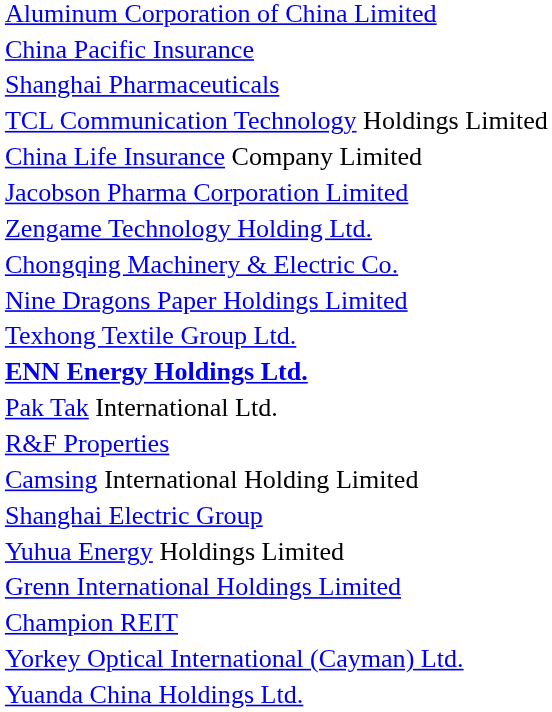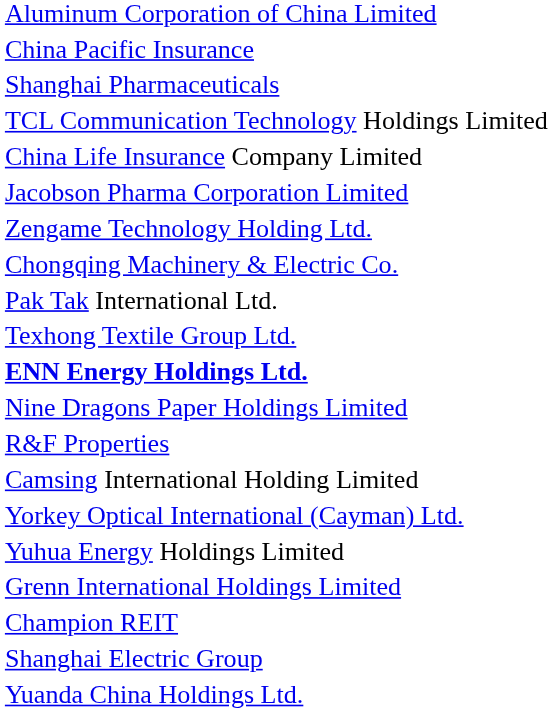 <table>
 <tr>
 <td> <a href='#'>Aluminum Corporation of China Limited</a></td>
 </tr>
 <tr>
 <td> <a href='#'>China Pacific Insurance</a></td>
 </tr>
 <tr>
 <td> <a href='#'>Shanghai Pharmaceuticals</a></td>
 </tr>
 <tr>
 <td> <a href='#'>TCL Communication Technology</a> Holdings Limited</td>
 </tr>
 <tr>
 <td> <a href='#'>China Life Insurance</a> Company Limited</td>
 </tr>
 <tr>
 <td> <a href='#'>Jacobson Pharma Corporation Limited</a></td>
 </tr>
 <tr>
 <td> <a href='#'>Zengame Technology Holding Ltd.</a></td>
 </tr>
 <tr>
 <td> <a href='#'>Chongqing Machinery & Electric Co.</a></td>
 </tr>
 <tr>
-<td> <a href='#'>Nine Dragons Paper Holdings Limited</a></td>
+<td> <a href='#'>Pak Tak</a> International Ltd.</td>
 </tr>
 <tr>
 <td> <a href='#'>Texhong Textile Group Ltd.</a></td>
 </tr>
 <tr>
 <td><strong> <a href='#'>ENN Energy Holdings Ltd.</a></strong></td>
 </tr>
 <tr>
-<td> <a href='#'>Pak Tak</a> International Ltd.</td>
+<td> <a href='#'>Nine Dragons Paper Holdings Limited</a></td>
 </tr>
 <tr>
 <td> <a href='#'>R&F Properties</a></td>
 </tr>
 <tr>
 <td> <a href='#'>Camsing</a> International Holding Limited</td>
 </tr>
 <tr>
-<td> <a href='#'>Shanghai Electric Group</a></td>
+<td> <a href='#'>Yorkey Optical International (Cayman) Ltd.</a></td>
 </tr>
 <tr>
 <td> <a href='#'>Yuhua Energy</a> Holdings Limited</td>
 </tr>
 <tr>
 <td> <a href='#'>Grenn International Holdings Limited</a></td>
 </tr>
 <tr>
 <td> <a href='#'>Champion REIT</a></td>
 </tr>
 <tr>
-<td> <a href='#'>Yorkey Optical International (Cayman) Ltd.</a></td>
+<td> <a href='#'>Shanghai Electric Group</a></td>
 </tr>
 <tr>
 <td> <a href='#'>Yuanda China Holdings Ltd.</a></td>
 </tr>
 </table>
